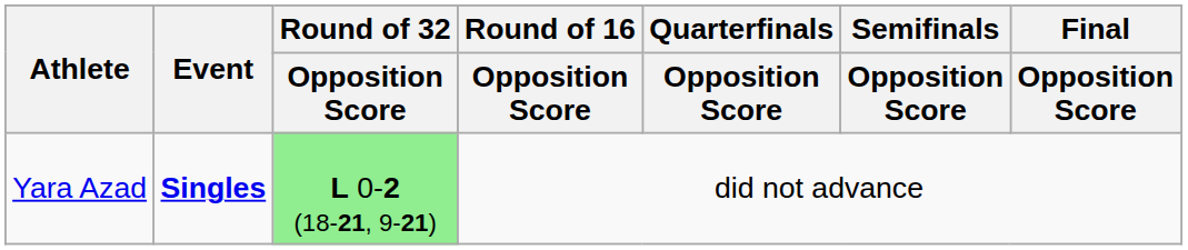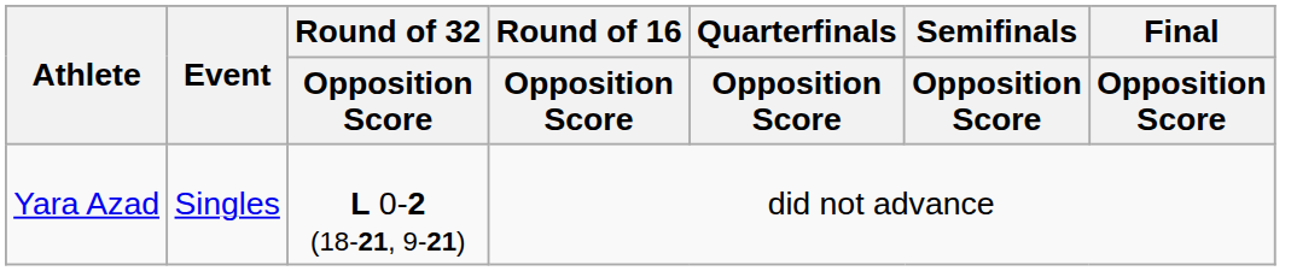 <table class=wikitable style="font-size:90%">
 <tr>
 <th rowspan=2>Athlete</th>
 <th rowspan=2>Event</th>
 <th>Round of 32</th>
 <th>Round of 16</th>
 <th>Quarterfinals</th>
 <th>Semifinals</th>
 <th>Final</th>
 </tr>
 <tr>
 <th>Opposition<br>Score</th>
 <th>Opposition<br>Score</th>
 <th>Opposition<br>Score</th>
 <th>Opposition<br>Score</th>
 <th>Opposition<br>Score</th>
 </tr>
 <tr>
 <td><a href='#'>Yara Azad</a></td>
-<td><strong><a href='#'>Singles</a></strong></td>
-<td align=center style="background: lightgreen;"><br><strong>L</strong> 0-<strong>2</strong><br><small>(18-<strong>21</strong>, 9-<strong>21</strong>)</small></td>
+<td><a href='#'>Singles</a></td>
+<td align=center><br><strong>L</strong> 0-<strong>2</strong><br><small>(18-<strong>21</strong>, 9-<strong>21</strong>)</small></td>
 <td align=center colspan="7">did not advance</td>
 </tr>
 </table>
